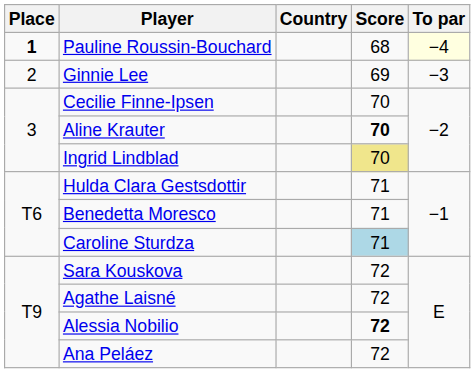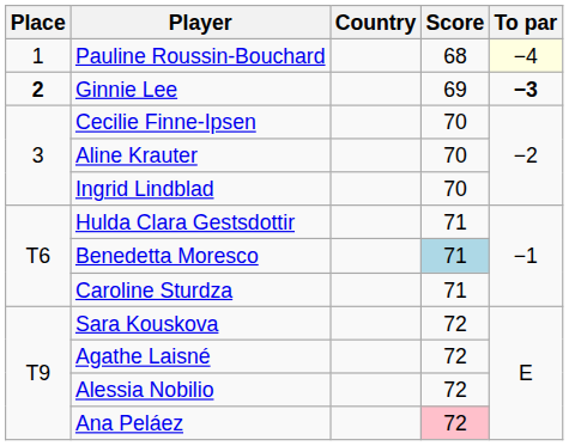 <table class="wikitable" style="font-size:95%;">
 <tr>
 <th>Place</th>
 <th>Player</th>
 <th>Country</th>
 <th>Score</th>
 <th>To par</th>
 </tr>
 <tr>
-<td align=center><strong>1</strong></td>
+<td align=center>1</td>
 <td><a href='#'>Pauline Roussin-Bouchard</a></td>
 <td></td>
 <td align=center>68</td>
 <td align=center style="background: lightyellow;">−4</td>
 </tr>
 <tr>
-<td align="center">2</td>
+<td align="center"><strong>2</strong></td>
 <td><a href='#'>Ginnie Lee</a></td>
 <td></td>
 <td align=center>69</td>
-<td align="center">−3</td>
+<td align="center"><strong>−3</strong></td>
 </tr>
 <tr>
 <td rowspan="3" align="center">3</td>
 <td><a href='#'>Cecilie Finne-Ipsen</a></td>
 <td></td>
 <td align="center">70</td>
 <td rowspan="3" align="center">−2</td>
 </tr>
 <tr>
 <td><a href='#'>Aline Krauter</a></td>
 <td></td>
-<td align="center"><strong>70</strong></td>
+<td align="center">70</td>
 </tr>
 <tr>
 <td><a href='#'>Ingrid Lindblad</a></td>
 <td></td>
-<td align="center" style="background: khaki;">70</td>
+<td align="center">70</td>
 </tr>
 <tr>
 <td rowspan="3" align="center">T6</td>
 <td><a href='#'>Hulda Clara Gestsdottir</a></td>
 <td></td>
 <td align=center>71</td>
 <td rowspan="3" align=center>−1</td>
 </tr>
 <tr>
 <td><a href='#'>Benedetta Moresco</a></td>
 <td></td>
-<td align=center>71</td>
+<td align=center style="background: lightblue;">71</td>
 </tr>
 <tr>
 <td><a href='#'>Caroline Sturdza</a></td>
 <td></td>
-<td align=center style="background: lightblue;">71</td>
+<td align=center>71</td>
 </tr>
 <tr>
 <td rowspan="4" align="center">T9</td>
 <td><a href='#'>Sara Kouskova</a></td>
 <td></td>
 <td align=center>72</td>
 <td rowspan="4" align="center">E</td>
 </tr>
 <tr>
 <td><a href='#'>Agathe Laisné</a></td>
 <td></td>
 <td align=center>72</td>
 </tr>
 <tr>
 <td><a href='#'>Alessia Nobilio</a></td>
 <td></td>
-<td align=center><strong>72</strong></td>
+<td align=center>72</td>
 </tr>
 <tr>
 <td><a href='#'>Ana Peláez</a></td>
 <td></td>
-<td align=center>72</td>
+<td align=center style="background: pink;">72</td>
 </tr>
 </table>
